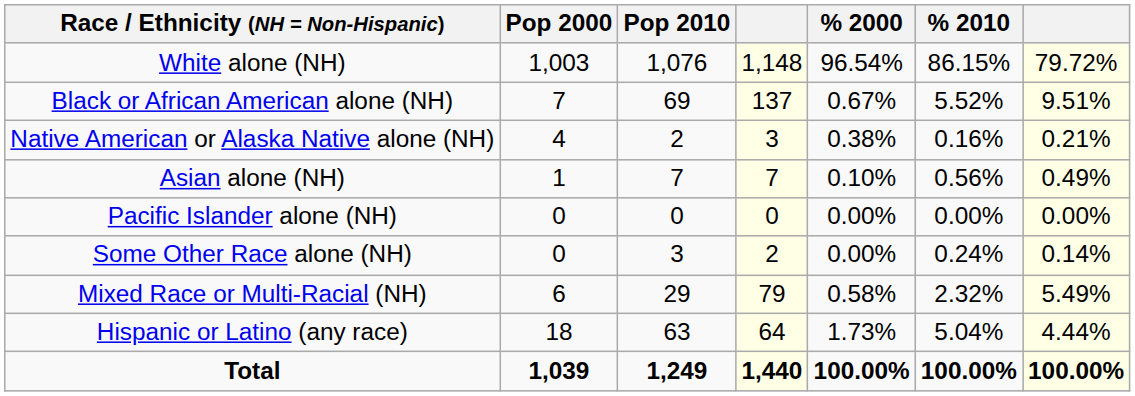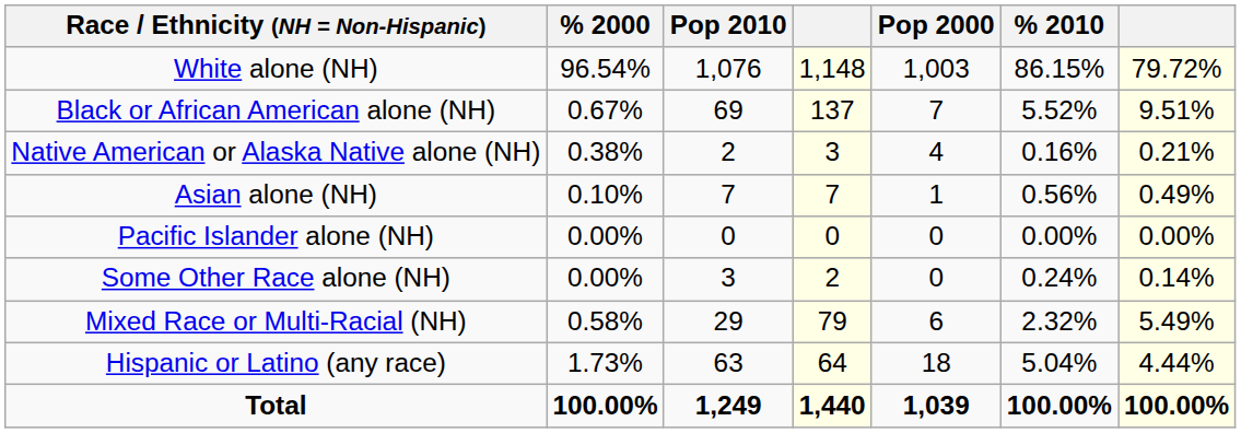 <table class="wikitable" style="text-align:center;">
 <tr>
 <th>Race / Ethnicity <small>(<em>NH = Non-Hispanic</em>)</small></th>
-<th>Pop 2000</th>
+<th>% 2000</th>
 <th>Pop 2010</th>
 <th></th>
-<th>% 2000</th>
+<th>Pop 2000</th>
 <th>% 2010</th>
 <th></th>
 </tr>
 <tr>
 <td><a href='#'>White</a> alone (NH)</td>
-<td>1,003</td>
+<td>96.54%</td>
 <td>1,076</td>
 <td style='background: #ffffe6;'>1,148</td>
-<td>96.54%</td>
+<td>1,003</td>
 <td>86.15%</td>
 <td style='background: #ffffe6;'>79.72%</td>
 </tr>
 <tr>
 <td><a href='#'>Black or African American</a> alone (NH)</td>
-<td>7</td>
+<td>0.67%</td>
 <td>69</td>
 <td style='background: #ffffe6;'>137</td>
-<td>0.67%</td>
+<td>7</td>
 <td>5.52%</td>
 <td style='background: #ffffe6;'>9.51%</td>
 </tr>
 <tr>
 <td><a href='#'>Native American</a> or <a href='#'>Alaska Native</a> alone (NH)</td>
-<td>4</td>
+<td>0.38%</td>
 <td>2</td>
 <td style='background: #ffffe6;'>3</td>
-<td>0.38%</td>
+<td>4</td>
 <td>0.16%</td>
 <td style='background: #ffffe6;'>0.21%</td>
 </tr>
 <tr>
 <td><a href='#'>Asian</a> alone (NH)</td>
-<td>1</td>
+<td>0.10%</td>
 <td>7</td>
 <td style='background: #ffffe6;'>7</td>
-<td>0.10%</td>
+<td>1</td>
 <td>0.56%</td>
 <td style='background: #ffffe6;'>0.49%</td>
 </tr>
 <tr>
 <td><a href='#'>Pacific Islander</a> alone (NH)</td>
-<td>0</td>
+<td>0.00%</td>
 <td>0</td>
 <td style='background: #ffffe6;'>0</td>
-<td>0.00%</td>
+<td>0</td>
 <td>0.00%</td>
 <td style='background: #ffffe6;'>0.00%</td>
 </tr>
 <tr>
 <td><a href='#'>Some Other Race</a> alone (NH)</td>
-<td>0</td>
+<td>0.00%</td>
 <td>3</td>
 <td style='background: #ffffe6;'>2</td>
-<td>0.00%</td>
+<td>0</td>
 <td>0.24%</td>
 <td style='background: #ffffe6;'>0.14%</td>
 </tr>
 <tr>
 <td><a href='#'>Mixed Race or Multi-Racial</a> (NH)</td>
-<td>6</td>
+<td>0.58%</td>
 <td>29</td>
 <td style='background: #ffffe6;'>79</td>
-<td>0.58%</td>
+<td>6</td>
 <td>2.32%</td>
 <td style='background: #ffffe6;'>5.49%</td>
 </tr>
 <tr>
 <td><a href='#'>Hispanic or Latino</a> (any race)</td>
-<td>18</td>
+<td>1.73%</td>
 <td>63</td>
 <td style='background: #ffffe6;'>64</td>
-<td>1.73%</td>
+<td>18</td>
 <td>5.04%</td>
 <td style='background: #ffffe6;'>4.44%</td>
 </tr>
 <tr>
 <td><strong>Total</strong></td>
-<td><strong>1,039</strong></td>
+<td><strong>100.00%</strong></td>
 <td><strong>1,249</strong></td>
 <td style='background: #ffffe6;'><strong>1,440</strong></td>
-<td><strong>100.00%</strong></td>
+<td><strong>1,039</strong></td>
 <td><strong>100.00%</strong></td>
 <td style='background: #ffffe6;'><strong>100.00%</strong></td>
 </tr>
 </table>
